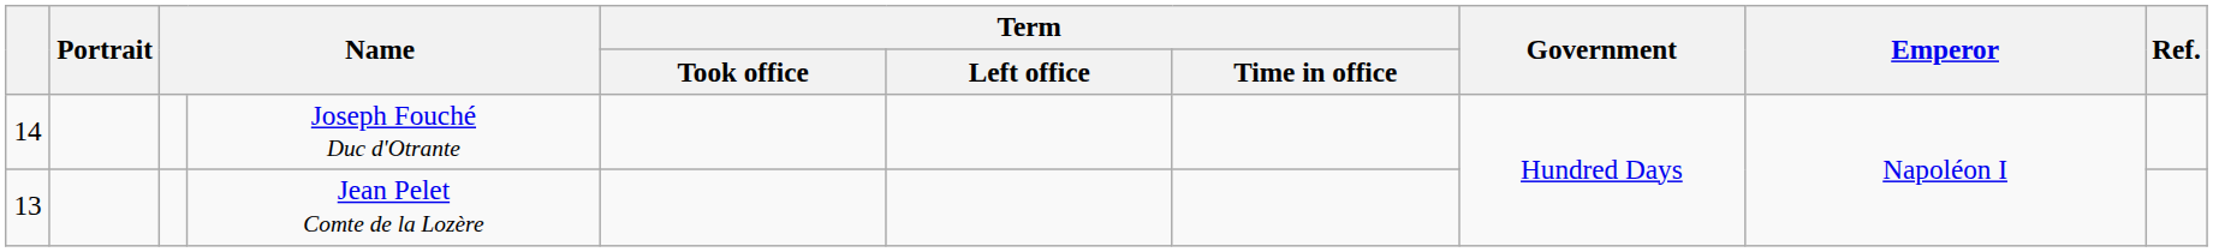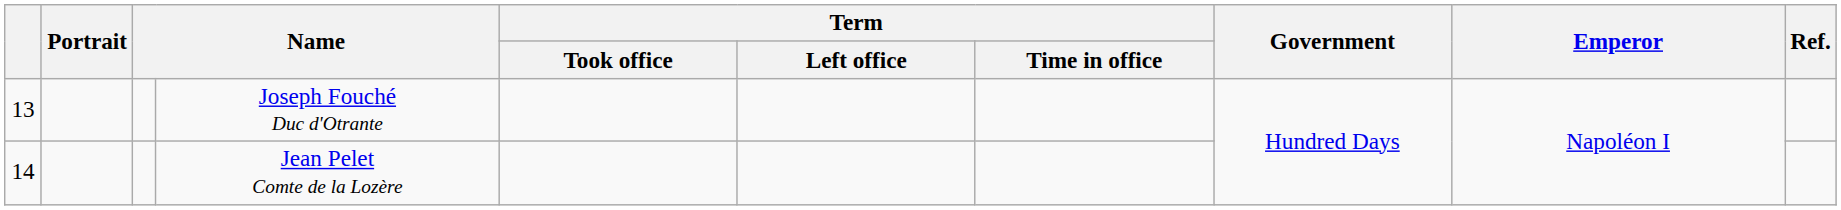 <table class="wikitable" style="text-align:center; width:100%">
 <tr>
 <th style="width:2%" rowspan=2></th>
 <th style="width:5%" rowspan=2>Portrait</th>
 <th style="width:20%" rowspan=2, colspan=2>Name</th>
 <th colspan=3>Term</th>
 <th style="width:13%" rowspan=2>Government</th>
 <th rowspan=2><a href='#'>Emperor</a></th>
 <th style="width:2%" rowspan=2>Ref.</th>
 </tr>
 <tr>
 <th style="width:13%">Took office</th>
 <th style="width:13%">Left office</th>
 <th style="width:13%">Time in office</th>
 </tr>
 <tr>
-<td>14</td>
+<td>13</td>
 <td></td>
 <td style="background:"></td>
 <td><a href='#'>Joseph Fouché</a><br><small><em>Duc d'Otrante</em></small></td>
 <td></td>
 <td></td>
 <td></td>
 <td rowspan=2><a href='#'>Hundred Days</a></td>
 <td rowspan=2><a href='#'>Napoléon I</a></td>
 <td></td>
 </tr>
 <tr>
-<td>13</td>
+<td>14</td>
 <td></td>
 <td style="background:"></td>
 <td><a href='#'>Jean Pelet</a><br><small><em>Comte de la Lozère</em></small></td>
 <td></td>
 <td></td>
 <td></td>
 <td></td>
 </tr>
 </table>
